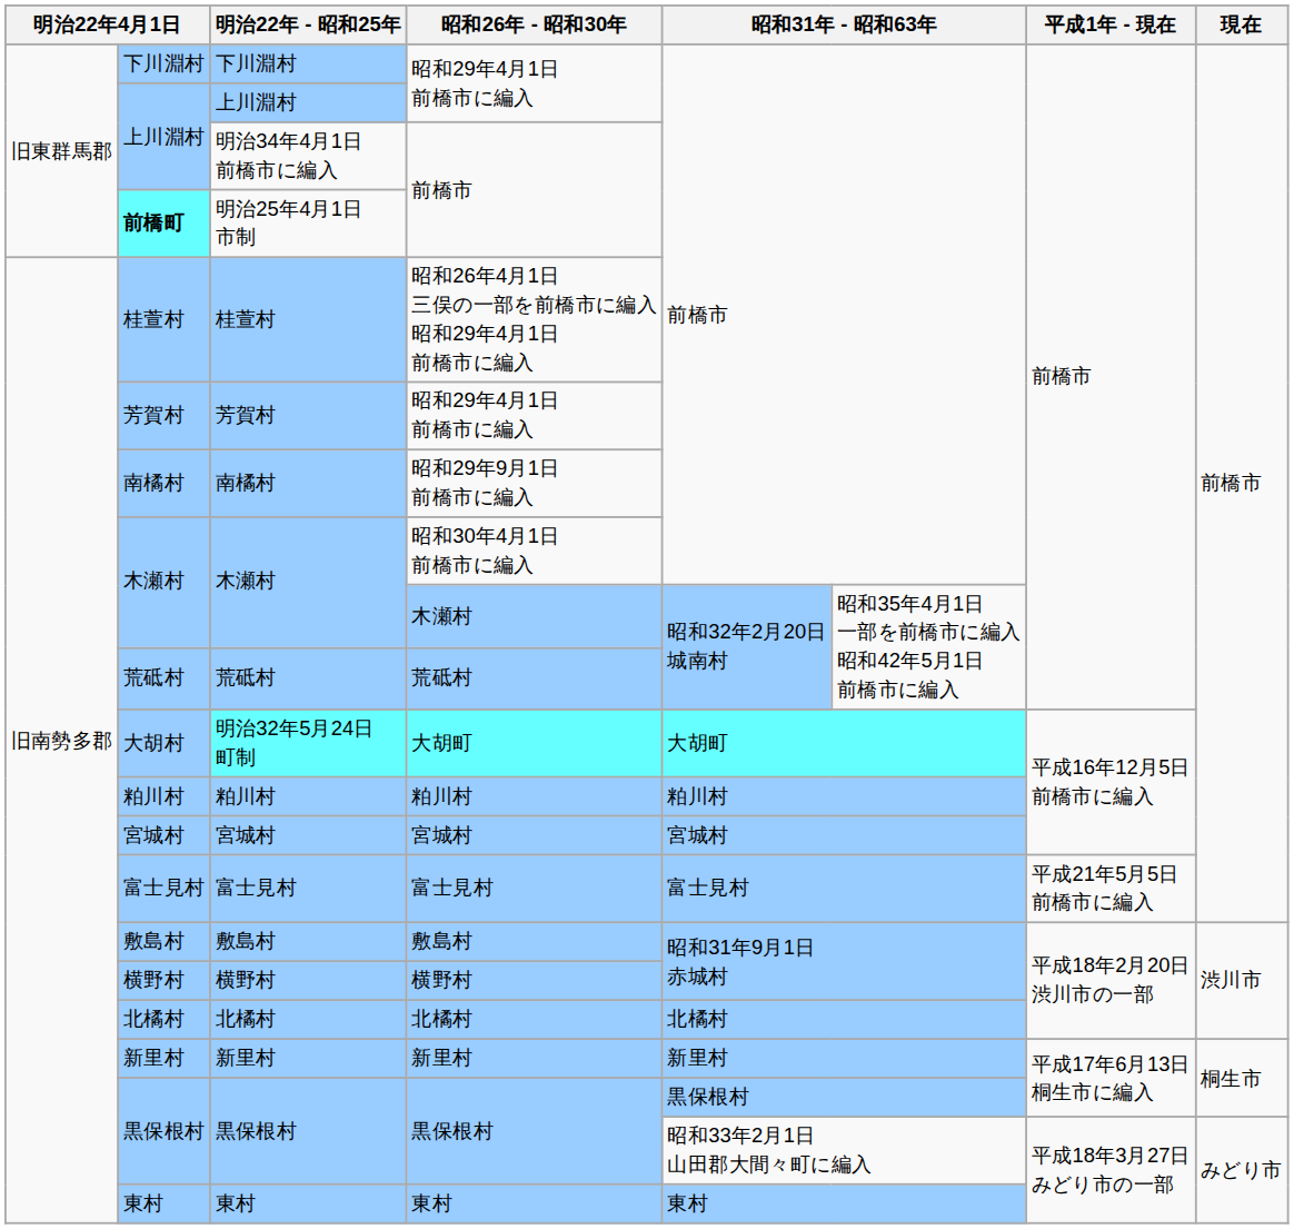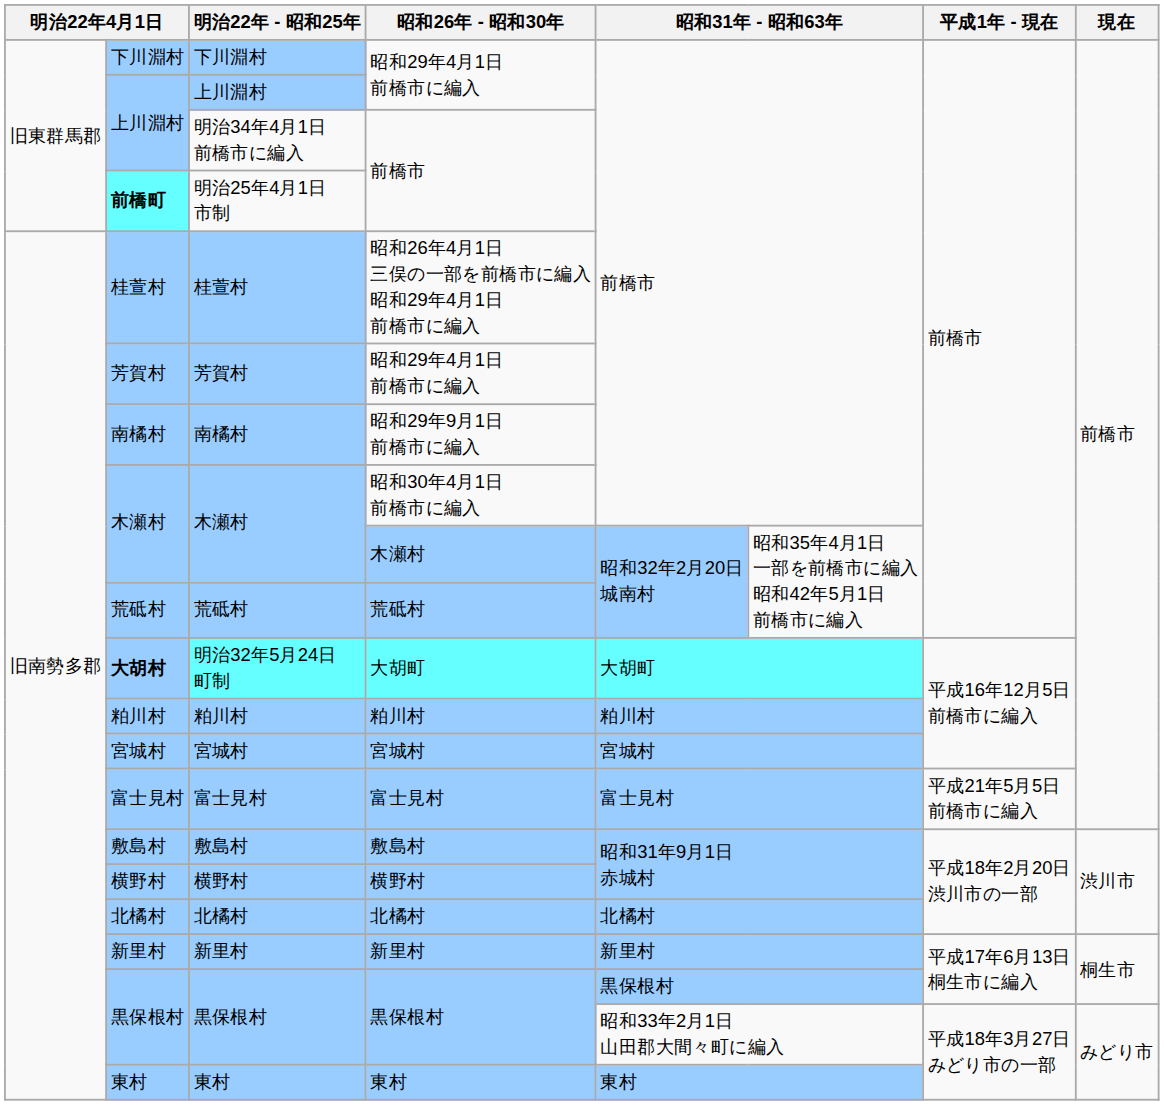 <table class="wikitable" style="font-size:x-small">
 <tr>
 <th colspan="2">明治22年4月1日</th>
 <th>明治22年 - 昭和25年</th>
 <th>昭和26年 - 昭和30年</th>
 <th colspan="2">昭和31年 - 昭和63年</th>
 <th>平成1年 - 現在</th>
 <th>現在</th>
 </tr>
 <tr>
 <td rowspan="4">旧東群馬郡</td>
 <td style="background-color:#9cf;">下川淵村</td>
 <td style="background-color:#9cf;">下川淵村</td>
 <td rowspan="2">昭和29年4月1日<br> 前橋市に編入</td>
 <td colspan="2" rowspan="8">前橋市</td>
 <td rowspan="10">前橋市</td>
 <td rowspan="14">前橋市</td>
 </tr>
 <tr>
 <td rowspan="2" style="background-color:#9cf;">上川淵村</td>
 <td style="background-color:#9cf;">上川淵村</td>
 </tr>
 <tr>
 <td>明治34年4月1日<br> 前橋市に編入</td>
 <td rowspan="2">前橋市</td>
 </tr>
 <tr>
 <td style="background-color:#6ff;"><strong>前橋町</strong></td>
 <td>明治25年4月1日<br> 市制</td>
 </tr>
 <tr>
 <td rowspan="17">旧南勢多郡</td>
 <td style="background-color:#9cf;">桂萱村</td>
 <td style="background-color:#9cf;">桂萱村</td>
 <td>昭和26年4月1日<br>三俣の一部を前橋市に編入<br>昭和29年4月1日<br> 前橋市に編入</td>
 </tr>
 <tr>
 <td style="background-color:#9cf;">芳賀村</td>
 <td style="background-color:#9cf;">芳賀村</td>
 <td>昭和29年4月1日<br> 前橋市に編入</td>
 </tr>
 <tr>
 <td style="background-color:#9cf;">南橘村</td>
 <td style="background-color:#9cf;">南橘村</td>
 <td>昭和29年9月1日<br> 前橋市に編入</td>
 </tr>
 <tr>
 <td rowspan="2" style="background-color:#9cf;">木瀬村</td>
 <td rowspan="2" style="background-color:#9cf;">木瀬村</td>
 <td>昭和30年4月1日<br> 前橋市に編入</td>
 </tr>
 <tr>
 <td style="background-color:#9cf;">木瀬村</td>
 <td rowspan="2" style="background-color:#9cf;">昭和32年2月20日<br>城南村</td>
 <td rowspan="2">昭和35年4月1日<br>一部を前橋市に編入<br>昭和42年5月1日<br>前橋市に編入</td>
 </tr>
 <tr>
 <td style="background-color:#9cf;">荒砥村</td>
 <td style="background-color:#9cf;">荒砥村</td>
 <td style="background-color:#9cf;">荒砥村</td>
 </tr>
 <tr>
-<td style="background-color:#9cf;">大胡村</td>
+<td style="background-color:#9cf;"><strong>大胡村</strong></td>
 <td style="background-color:#6ff;">明治32年5月24日<br> 町制</td>
 <td style="background-color:#6ff;">大胡町</td>
 <td colspan="2" style="background-color:#6ff;">大胡町</td>
 <td rowspan="3">平成16年12月5日<br>前橋市に編入</td>
 </tr>
 <tr>
 <td style="background-color:#9cf;">粕川村</td>
 <td style="background-color:#9cf;">粕川村</td>
 <td style="background-color:#9cf;">粕川村</td>
 <td colspan="2" style="background-color:#9cf;">粕川村</td>
 </tr>
 <tr>
 <td style="background-color:#9cf;">宮城村</td>
 <td style="background-color:#9cf;">宮城村</td>
 <td style="background-color:#9cf;">宮城村</td>
 <td colspan="2" style="background-color:#9cf;">宮城村</td>
 </tr>
 <tr>
 <td style="background-color:#9cf;">富士見村</td>
 <td style="background-color:#9cf;">富士見村</td>
 <td style="background-color:#9cf;">富士見村</td>
 <td colspan="2" style="background-color:#9cf;">富士見村</td>
 <td>平成21年5月5日<br>前橋市に編入</td>
 </tr>
 <tr>
 <td style="background-color:#9cf;">敷島村</td>
 <td style="background-color:#9cf;">敷島村</td>
 <td style="background-color:#9cf;">敷島村</td>
 <td colspan="2" rowspan="2" style="background-color:#9cf;">昭和31年9月1日<br>赤城村</td>
 <td rowspan="3">平成18年2月20日<br>渋川市の一部</td>
 <td rowspan="3">渋川市</td>
 </tr>
 <tr>
 <td style="background-color:#9cf;">横野村</td>
 <td style="background-color:#9cf;">横野村</td>
 <td style="background-color:#9cf;">横野村</td>
 </tr>
 <tr>
 <td style="background-color:#9cf;">北橘村</td>
 <td style="background-color:#9cf;">北橘村</td>
 <td style="background-color:#9cf;">北橘村</td>
 <td colspan="2" style="background-color:#9cf;">北橘村</td>
 </tr>
 <tr>
 <td style="background-color:#9cf;">新里村</td>
 <td style="background-color:#9cf;">新里村</td>
 <td style="background-color:#9cf;">新里村</td>
 <td colspan="2" style="background-color:#9cf;">新里村</td>
 <td rowspan="2">平成17年6月13日<br>桐生市に編入</td>
 <td rowspan="2">桐生市</td>
 </tr>
 <tr>
 <td rowspan="2" style="background-color:#9cf;">黒保根村</td>
 <td rowspan="2" style="background-color:#9cf;">黒保根村</td>
 <td rowspan="2" style="background-color:#9cf;">黒保根村</td>
 <td colspan="2" style="background-color:#9cf;">黒保根村</td>
 </tr>
 <tr>
 <td colspan="2">昭和33年2月1日<br>山田郡大間々町に編入</td>
 <td rowspan="2">平成18年3月27日<br>みどり市の一部</td>
 <td rowspan="2">みどり市</td>
 </tr>
 <tr>
 <td style="background-color:#9cf;">東村</td>
 <td style="background-color:#9cf;">東村</td>
 <td style="background-color:#9cf;">東村</td>
 <td colspan="2" style="background-color:#9cf;">東村</td>
 </tr>
 </table>
